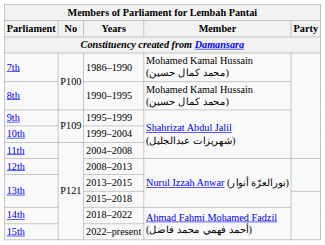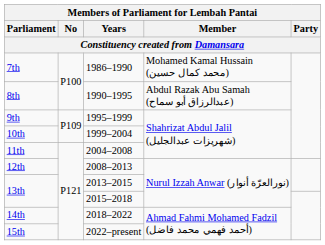 <table class=wikitable>
 <tr>
 <th colspan="5">Members of Parliament for Lembah Pantai</th>
 </tr>
 <tr>
 <th>Parliament</th>
 <th>No</th>
 <th>Years</th>
 <th>Member</th>
 <th>Party</th>
 </tr>
 <tr>
 <th colspan="5" align="center"><em>Constituency created from <a href='#'>Damansara</a></em></th>
 </tr>
 <tr>
 <td><a href='#'>7th</a></td>
 <td rowspan="2">P100</td>
 <td>1986–1990</td>
 <td>Mohamed Kamal Hussain <br> (محمد كمال حسين)</td>
 <td rowspan="5"></td>
 </tr>
 <tr>
 <td><a href='#'>8th</a></td>
 <td>1990–1995</td>
-<td>Mohamed Kamal Hussain <br> (محمد كمال حسين)</td>
+<td>Abdul Razak Abu Samah <br> (عبدالرزاق أبو سماح)</td>
 </tr>
 <tr>
 <td><a href='#'>9th</a></td>
 <td rowspan="2">P109</td>
 <td>1995–1999</td>
 <td rowspan=3><a href='#'>Shahrizat Abdul Jalil</a> <br> (شهريزات عبدالجليل)</td>
 </tr>
 <tr>
 <td><a href='#'>10th</a></td>
 <td>1999–2004</td>
 </tr>
 <tr>
 <td><a href='#'>11th</a></td>
 <td rowspan=6>P121</td>
 <td>2004–2008</td>
 </tr>
 <tr>
 <td><a href='#'>12th</a></td>
 <td>2008–2013</td>
 <td rowspan=3><a href='#'>Nurul Izzah Anwar</a> (نورالعزّة أنوار)</td>
 <td rowspan="2"></td>
 </tr>
 <tr>
 <td rowspan=2><a href='#'>13th</a></td>
 <td>2013–2015</td>
 </tr>
 <tr>
 <td>2015–2018</td>
 <td rowspan=3></td>
 </tr>
 <tr>
 <td><a href='#'>14th</a></td>
 <td>2018–2022</td>
 <td rowspan="2"><a href='#'>Ahmad Fahmi Mohamed Fadzil</a> <br> (أحمد فهمي محمد فاضل)</td>
 </tr>
 <tr>
 <td><a href='#'>15th</a></td>
 <td>2022–present</td>
 </tr>
 </table>
